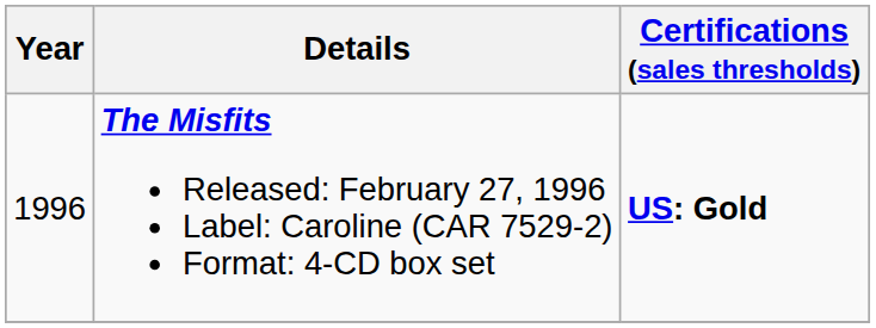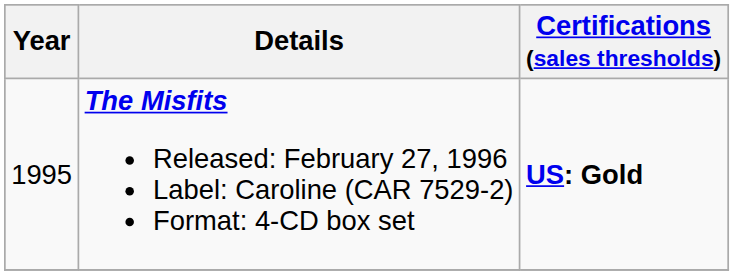 <table class ="wikitable">
 <tr>
 <th>Year</th>
 <th>Details</th>
 <th><a href='#'>Certifications</a><br><small>(<a href='#'>sales thresholds</a>)</small></th>
 </tr>
 <tr>
-<td>1996</td>
+<td>1995</td>
 <td><strong><em><a href='#'>The Misfits</a></em></strong><br><ul><li>Released: February 27, 1996</li><li>Label: Caroline (CAR 7529-2)</li><li>Format: 4-CD box set</li></ul></td>
 <td><strong><a href='#'>US</a>: Gold</strong></td>
 </tr>
 <tr>
 </tr>
 </table>
